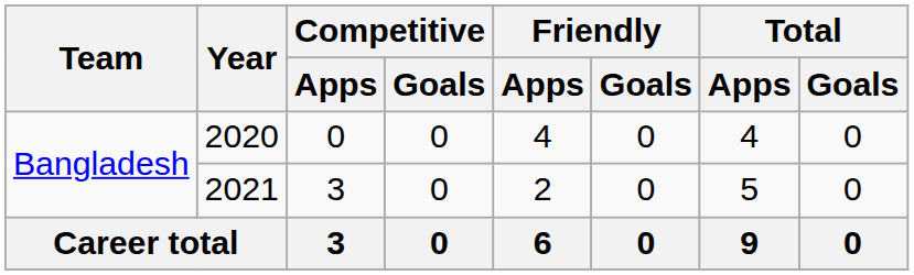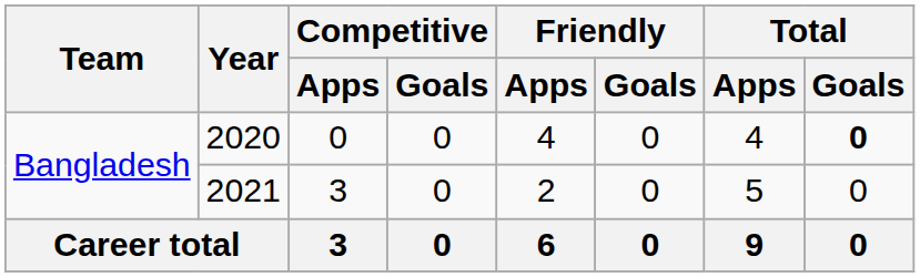 <table class="wikitable" style="text-align:center;">
 <tr>
 <th rowspan=2>Team</th>
 <th rowspan=2>Year</th>
 <th colspan=2>Competitive</th>
 <th colspan=2>Friendly</th>
 <th colspan=2>Total</th>
 </tr>
 <tr>
 <th>Apps</th>
 <th>Goals</th>
 <th>Apps</th>
 <th>Goals</th>
 <th>Apps</th>
 <th>Goals</th>
 </tr>
 <tr>
 <td rowspan="2"><a href='#'>Bangladesh</a></td>
 <td>2020</td>
 <td>0</td>
 <td>0</td>
 <td>4</td>
 <td>0</td>
 <td>4</td>
-<td>0</td>
+<td><strong>0</strong></td>
 </tr>
 <tr>
 <td>2021</td>
 <td>3</td>
 <td>0</td>
 <td>2</td>
 <td>0</td>
 <td>5</td>
 <td>0</td>
 </tr>
 <tr>
 <th colspan="2">Career total</th>
 <th>3</th>
 <th>0</th>
 <th>6</th>
 <th>0</th>
 <th>9</th>
 <th>0</th>
 </tr>
 </table>
